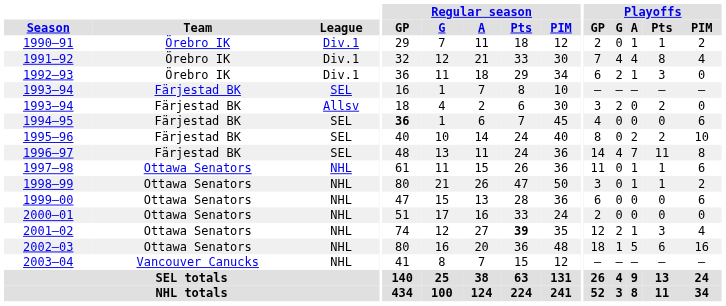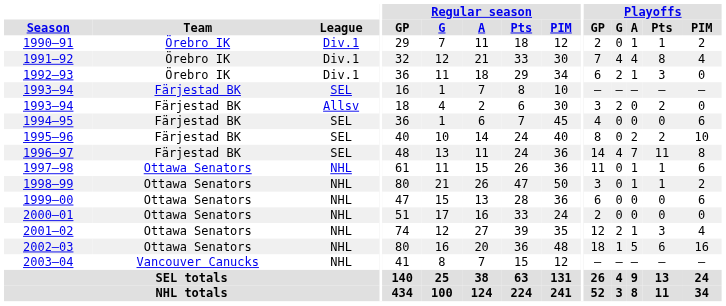 <table border="0" cellpadding="1" cellspacing="0" style="text-align:center; width:60em">
 <tr bgcolor="#e0e0e0">
 <th colspan="3" bgcolor="#ffffff"></th>
 <th rowspan="99" bgcolor="#ffffff"></th>
 <th colspan="5"><a href='#'>Regular season</a></th>
 <th rowspan="99" bgcolor="#ffffff"></th>
 <th colspan="5"><a href='#'>Playoffs</a></th>
 </tr>
 <tr bgcolor="#e0e0e0">
 <th><a href='#'>Season</a></th>
 <th>Team</th>
 <th>League</th>
 <th>GP</th>
 <th><a href='#'>G</a></th>
 <th><a href='#'>A</a></th>
 <th><a href='#'>Pts</a></th>
 <th><a href='#'>PIM</a></th>
 <th>GP</th>
 <th>G</th>
 <th>A</th>
 <th>Pts</th>
 <th>PIM</th>
 </tr>
 <tr>
 <td><a href='#'>1990–91</a></td>
 <td><a href='#'>Örebro IK</a></td>
 <td><a href='#'>Div.1</a></td>
 <td>29</td>
 <td>7</td>
 <td>11</td>
 <td>18</td>
 <td>12</td>
 <td>2</td>
 <td>0</td>
 <td>1</td>
 <td>1</td>
 <td>2</td>
 </tr>
 <tr bgcolor="#f0f0f0">
 <td><a href='#'>1991–92</a></td>
 <td>Örebro IK</td>
 <td>Div.1</td>
 <td>32</td>
 <td>12</td>
 <td>21</td>
 <td>33</td>
 <td>30</td>
 <td>7</td>
 <td>4</td>
 <td>4</td>
 <td>8</td>
 <td>4</td>
 </tr>
 <tr>
 <td><a href='#'>1992–93</a></td>
 <td>Örebro IK</td>
 <td>Div.1</td>
 <td>36</td>
 <td>11</td>
 <td>18</td>
 <td>29</td>
 <td>34</td>
 <td>6</td>
 <td>2</td>
 <td>1</td>
 <td>3</td>
 <td>0</td>
 </tr>
 <tr bgcolor="#f0f0f0">
 <td><a href='#'>1993–94</a></td>
 <td><a href='#'>Färjestad BK</a></td>
 <td><a href='#'>SEL</a></td>
 <td>16</td>
 <td>1</td>
 <td>7</td>
 <td>8</td>
 <td>10</td>
 <td>—</td>
 <td>—</td>
 <td>—</td>
 <td>—</td>
 <td>—</td>
 </tr>
 <tr>
 <td><a href='#'>1993–94</a></td>
 <td>Färjestad BK</td>
 <td><a href='#'>Allsv</a></td>
 <td>18</td>
 <td>4</td>
 <td>2</td>
 <td>6</td>
 <td>30</td>
 <td>3</td>
 <td>2</td>
 <td>0</td>
 <td>2</td>
 <td>0</td>
 </tr>
 <tr bgcolor="#f0f0f0">
 <td><a href='#'>1994–95</a></td>
 <td>Färjestad BK</td>
 <td>SEL</td>
-<td><strong>36</strong></td>
+<td>36</td>
 <td>1</td>
 <td>6</td>
 <td>7</td>
 <td>45</td>
 <td>4</td>
 <td>0</td>
 <td>0</td>
 <td>0</td>
 <td>6</td>
 </tr>
 <tr>
 <td><a href='#'>1995–96</a></td>
 <td>Färjestad BK</td>
 <td>SEL</td>
 <td>40</td>
 <td>10</td>
 <td>14</td>
 <td>24</td>
 <td>40</td>
 <td>8</td>
 <td>0</td>
 <td>2</td>
 <td>2</td>
 <td>10</td>
 </tr>
 <tr bgcolor="#f0f0f0">
 <td><a href='#'>1996–97</a></td>
 <td>Färjestad BK</td>
 <td>SEL</td>
 <td>48</td>
 <td>13</td>
 <td>11</td>
 <td>24</td>
 <td>36</td>
 <td>14</td>
 <td>4</td>
 <td>7</td>
 <td>11</td>
 <td>8</td>
 </tr>
 <tr>
 <td><a href='#'>1997–98</a></td>
 <td><a href='#'>Ottawa Senators</a></td>
 <td><a href='#'>NHL</a></td>
 <td>61</td>
 <td>11</td>
 <td>15</td>
 <td>26</td>
 <td>36</td>
 <td>11</td>
 <td>0</td>
 <td>1</td>
 <td>1</td>
 <td>6</td>
 </tr>
 <tr bgcolor="#f0f0f0">
 <td><a href='#'>1998–99</a></td>
 <td>Ottawa Senators</td>
 <td>NHL</td>
 <td>80</td>
 <td>21</td>
 <td>26</td>
 <td>47</td>
 <td>50</td>
 <td>3</td>
 <td>0</td>
 <td>1</td>
 <td>1</td>
 <td>2</td>
 </tr>
 <tr>
 <td><a href='#'>1999–00</a></td>
 <td>Ottawa Senators</td>
 <td>NHL</td>
 <td>47</td>
 <td>15</td>
 <td>13</td>
 <td>28</td>
 <td>36</td>
 <td>6</td>
 <td>0</td>
 <td>0</td>
 <td>0</td>
 <td>6</td>
 </tr>
 <tr bgcolor="#f0f0f0">
 <td><a href='#'>2000–01</a></td>
 <td>Ottawa Senators</td>
 <td>NHL</td>
 <td>51</td>
 <td>17</td>
 <td>16</td>
 <td>33</td>
 <td>24</td>
 <td>2</td>
 <td>0</td>
 <td>0</td>
 <td>0</td>
 <td>0</td>
 </tr>
 <tr>
 <td><a href='#'>2001–02</a></td>
 <td>Ottawa Senators</td>
 <td>NHL</td>
 <td>74</td>
 <td>12</td>
 <td>27</td>
-<td><strong>39</strong></td>
+<td>39</td>
 <td>35</td>
 <td>12</td>
 <td>2</td>
 <td>1</td>
 <td>3</td>
 <td>4</td>
 </tr>
 <tr bgcolor="#f0f0f0">
 <td><a href='#'>2002–03</a></td>
 <td>Ottawa Senators</td>
 <td>NHL</td>
 <td>80</td>
 <td>16</td>
 <td>20</td>
 <td>36</td>
 <td>48</td>
 <td>18</td>
 <td>1</td>
 <td>5</td>
 <td>6</td>
 <td>16</td>
 </tr>
 <tr>
 <td><a href='#'>2003–04</a></td>
 <td><a href='#'>Vancouver Canucks</a></td>
 <td>NHL</td>
 <td>41</td>
 <td>8</td>
 <td>7</td>
 <td>15</td>
 <td>12</td>
 <td>—</td>
 <td>—</td>
 <td>—</td>
 <td>—</td>
 <td>—</td>
 </tr>
 <tr bgcolor="#e0e0e0">
 <th colspan="3">SEL totals</th>
 <th>140</th>
 <th>25</th>
 <th>38</th>
 <th>63</th>
 <th>131</th>
 <th>26</th>
 <th>4</th>
 <th>9</th>
 <th>13</th>
 <th>24</th>
 </tr>
 <tr bgcolor="#e0e0e0">
 <th colspan="3">NHL totals</th>
 <th>434</th>
 <th>100</th>
 <th>124</th>
 <th>224</th>
 <th>241</th>
 <th>52</th>
 <th>3</th>
 <th>8</th>
 <th>11</th>
 <th>34</th>
 </tr>
 </table>
